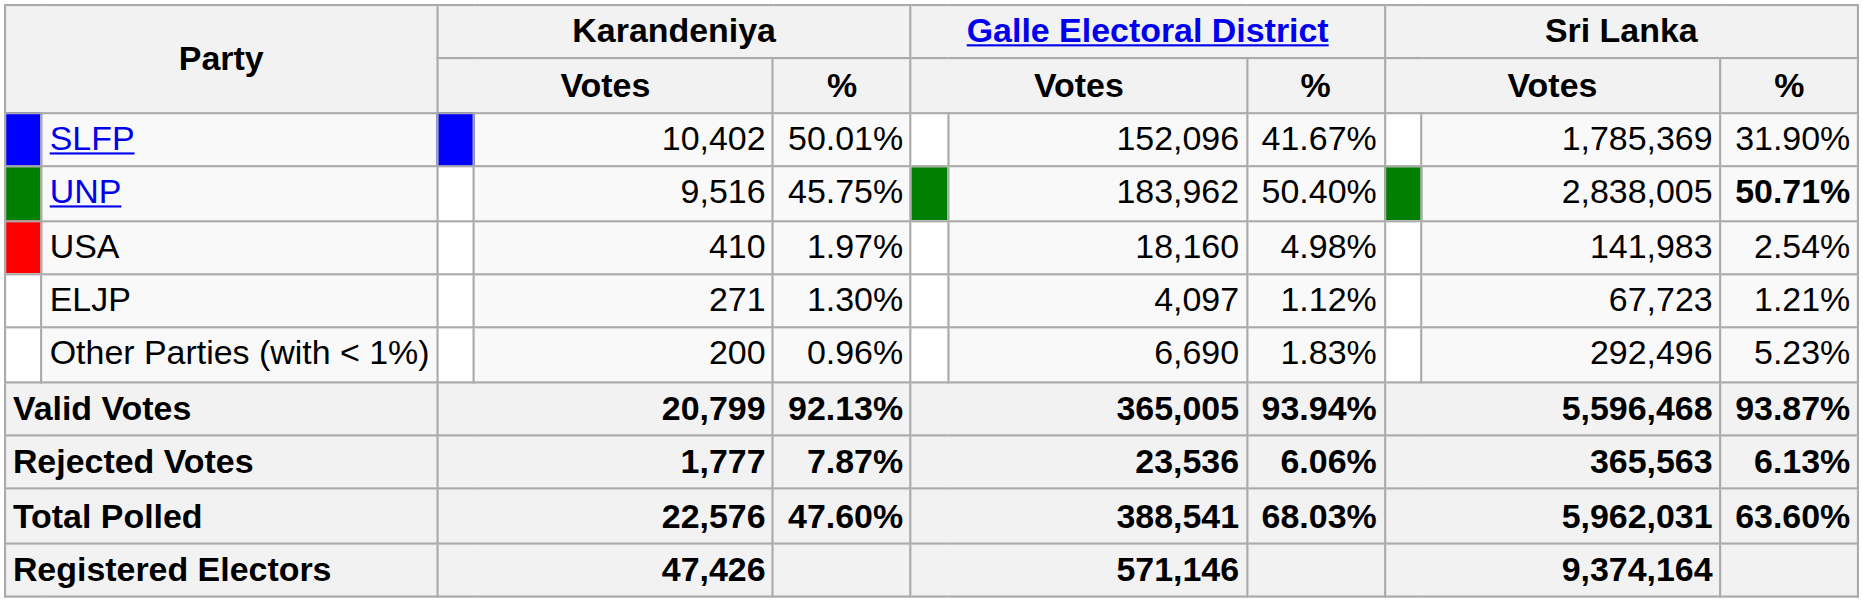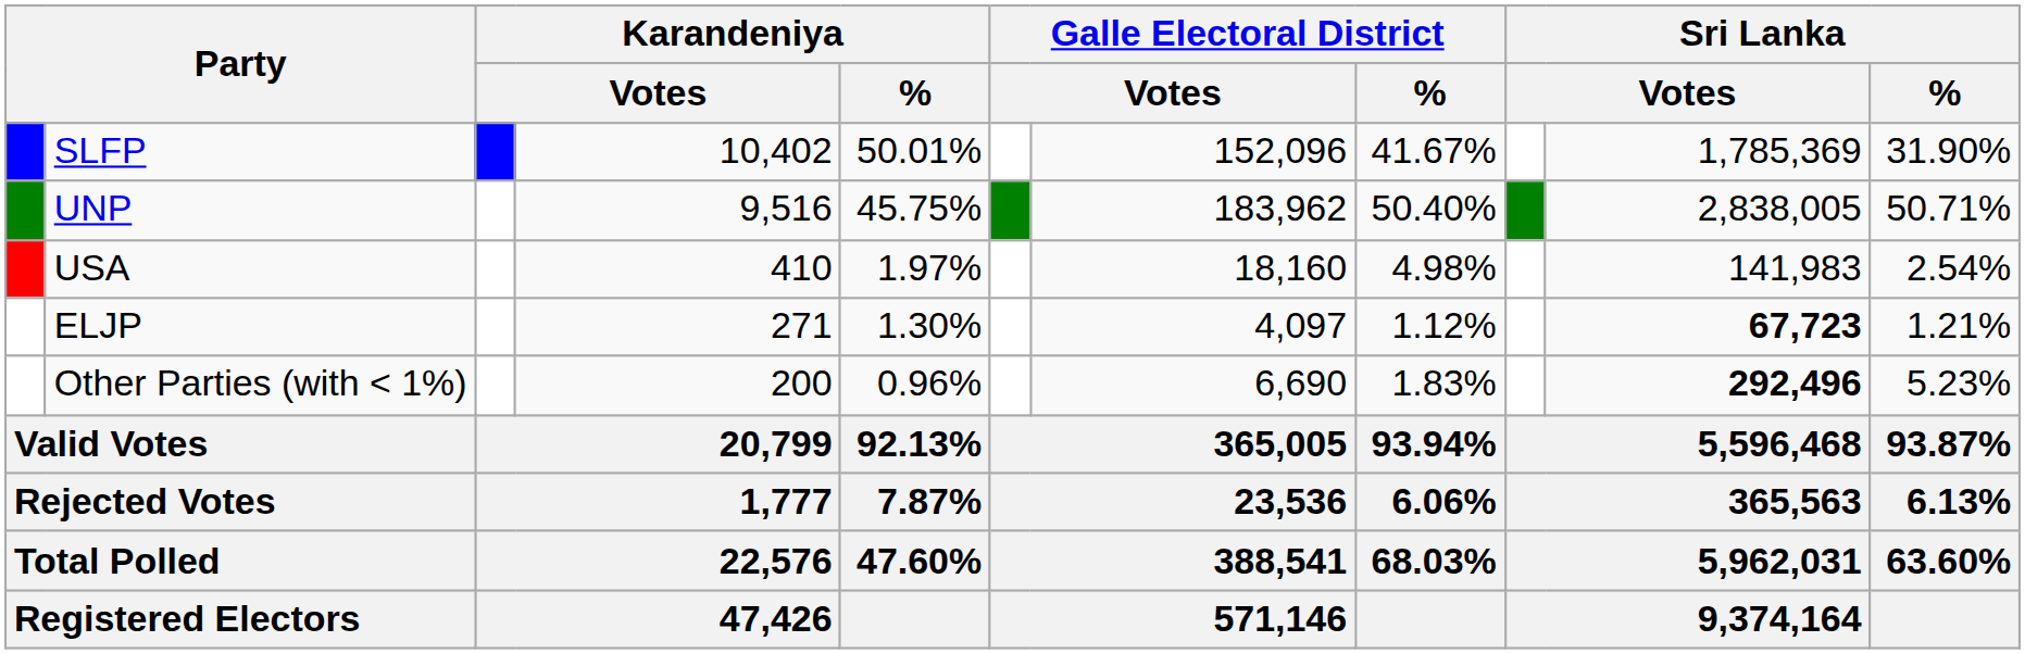 <table class="wikitable">
 <tr>
 <th colspan="2" width="144px"rowspan="2">Party</th>
 <th colspan="3" width="216px">Karandeniya</th>
 <th colspan="3" width="216px"><a href='#'>Galle Electoral District</a></th>
 <th colspan="3" width="216px">Sri Lanka</th>
 </tr>
 <tr>
 <th colspan="2" width="144px">Votes</th>
 <th>%</th>
 <th colspan="2" width="144px">Votes</th>
 <th>%</th>
 <th colspan="2" width="144px">Votes</th>
 <th>%</th>
 </tr>
 <tr>
 <td style="background-color:blue;" width="10px"></td>
 <td style="text-align:left;"><a href='#'>SLFP</a></td>
 <td style="background-color:blue;" width="10px"></td>
 <td style="text-align:right;">10,402</td>
 <td style="text-align:right;">50.01%</td>
 <td style="background-color:white;" width="10px"></td>
 <td style="text-align:right;">152,096</td>
 <td style="text-align:right;">41.67%</td>
 <td style="background-color:white;" width="10px"></td>
 <td style="text-align:right;">1,785,369</td>
 <td style="text-align:right;">31.90%</td>
 </tr>
 <tr>
 <td style="background-color:green;" width="10px"></td>
 <td style="text-align:left;"><a href='#'>UNP</a></td>
 <td style="background-color:white;" width="10px"></td>
 <td style="text-align:right;">9,516</td>
 <td style="text-align:right;">45.75%</td>
 <td style="background-color:green;" width="10px"></td>
 <td style="text-align:right;">183,962</td>
 <td style="text-align:right;">50.40%</td>
 <td style="background-color:green;" width="10px"></td>
 <td style="text-align:right;">2,838,005</td>
-<td style="text-align:right;"><strong>50.71%</strong></td>
+<td style="text-align:right;">50.71%</td>
 </tr>
 <tr>
 <td style="background-color:red;" width="10px"></td>
 <td style="text-align:left;">USA</td>
 <td style="background-color:white;" width="10px"></td>
 <td style="text-align:right;">410</td>
 <td style="text-align:right;">1.97%</td>
 <td style="background-color:white;" width="10px"></td>
 <td style="text-align:right;">18,160</td>
 <td style="text-align:right;">4.98%</td>
 <td style="background-color:white;" width="10px"></td>
 <td style="text-align:right;">141,983</td>
 <td style="text-align:right;">2.54%</td>
 </tr>
 <tr>
 <td style="background-color:white;" width="10px"></td>
 <td style="text-align:left;">ELJP</td>
 <td style="background-color:white;" width="10px"></td>
 <td style="text-align:right;">271</td>
 <td style="text-align:right;">1.30%</td>
 <td style="background-color:white;" width="10px"></td>
 <td style="text-align:right;">4,097</td>
 <td style="text-align:right;">1.12%</td>
 <td style="background-color:white;" width="10px"></td>
-<td style="text-align:right;">67,723</td>
+<td style="text-align:right;"><strong>67,723</strong></td>
 <td style="text-align:right;">1.21%</td>
 </tr>
 <tr>
 <td style="background-color:white;" width="10px"></td>
 <td style="text-align:left;">Other Parties (with < 1%)</td>
 <td style="background-color:white;" width="10px"></td>
 <td style="text-align:right;">200</td>
 <td style="text-align:right;">0.96%</td>
 <td style="background-color:white;" width="10px"></td>
 <td style="text-align:right;">6,690</td>
 <td style="text-align:right;">1.83%</td>
 <td style="background-color:white;" width="10px"></td>
-<td style="text-align:right;">292,496</td>
+<td style="text-align:right;"><strong>292,496</strong></td>
 <td style="text-align:right;">5.23%</td>
 </tr>
 <tr>
 <th colspan="2" width="144px"style="text-align:left;">Valid Votes</th>
 <th style="text-align:right;"colspan="2" width="144px">20,799</th>
 <th style="text-align:right;">92.13%</th>
 <th style="text-align:right;"colspan="2" width="144px">365,005</th>
 <th style="text-align:right;">93.94%</th>
 <th style="text-align:right;"colspan="2" width="144px">5,596,468</th>
 <th style="text-align:right;">93.87%</th>
 </tr>
 <tr>
 <th colspan="2" width="144px"style="text-align:left;">Rejected Votes</th>
 <th style="text-align:right;"colspan="2" width="144px">1,777</th>
 <th style="text-align:right;">7.87%</th>
 <th style="text-align:right;"colspan="2" width="144px">23,536</th>
 <th style="text-align:right;">6.06%</th>
 <th style="text-align:right;"colspan="2" width="144px">365,563</th>
 <th style="text-align:right;">6.13%</th>
 </tr>
 <tr>
 <th colspan="2" width="144px"style="text-align:left;">Total Polled</th>
 <th style="text-align:right;"colspan="2" width="144px">22,576</th>
 <th style="text-align:right;">47.60%</th>
 <th style="text-align:right;"colspan="2" width="144px">388,541</th>
 <th style="text-align:right;">68.03%</th>
 <th style="text-align:right;"colspan="2" width="144px">5,962,031</th>
 <th style="text-align:right;">63.60%</th>
 </tr>
 <tr>
 <th colspan="2" width="144px"style="text-align:left;">Registered Electors</th>
 <th style="text-align:right;"colspan="2" width="144px">47,426</th>
 <th></th>
 <th style="text-align:right;"colspan="2" width="144px">571,146</th>
 <th></th>
 <th style="text-align:right;"colspan="2" width="144px">9,374,164</th>
 <th></th>
 </tr>
 </table>
